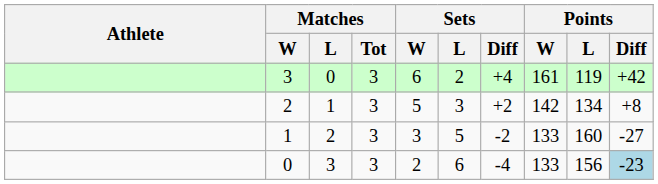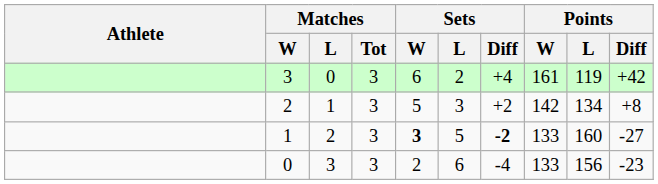 <table class=wikitable style="text-align:center">
 <tr>
 <th rowspan=2 width=220>Athlete</th>
 <th colspan=3 width=90>Matches</th>
 <th colspan=3 width=90>Sets</th>
 <th colspan=3 width=90>Points</th>
 </tr>
 <tr>
 <th width=30>W</th>
 <th width=30>L</th>
 <th width=30>Tot</th>
 <th width=30>W</th>
 <th width=30>L</th>
 <th width=30>Diff</th>
 <th width=30>W</th>
 <th width=30>L</th>
 <th width=30>Diff</th>
 </tr>
 <tr bgcolor=ccffcc>
 <td style="text-align:left"></td>
 <td>3</td>
 <td>0</td>
 <td>3</td>
 <td>6</td>
 <td>2</td>
 <td>+4</td>
 <td>161</td>
 <td>119</td>
 <td>+42</td>
 </tr>
 <tr>
 <td style="text-align:left"></td>
 <td>2</td>
 <td>1</td>
 <td>3</td>
 <td>5</td>
 <td>3</td>
 <td>+2</td>
 <td>142</td>
 <td>134</td>
 <td>+8</td>
 </tr>
 <tr>
 <td style="text-align:left"></td>
 <td>1</td>
 <td>2</td>
 <td>3</td>
-<td>3</td>
+<td><strong>3</strong></td>
 <td>5</td>
-<td>-2</td>
+<td><strong>-2</strong></td>
 <td>133</td>
 <td>160</td>
 <td>-27</td>
 </tr>
 <tr>
 <td style="text-align:left"></td>
 <td>0</td>
 <td>3</td>
 <td>3</td>
 <td>2</td>
 <td>6</td>
 <td>-4</td>
 <td>133</td>
 <td>156</td>
-<td style="background: lightblue;">-23</td>
+<td>-23</td>
 </tr>
 </table>
